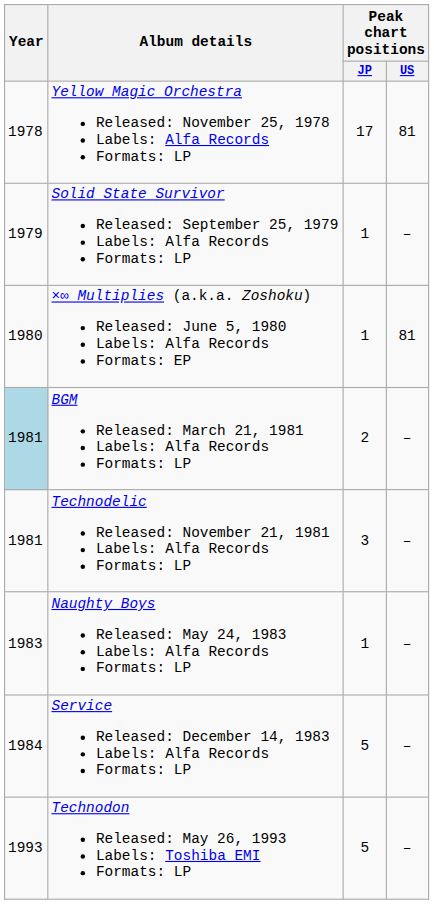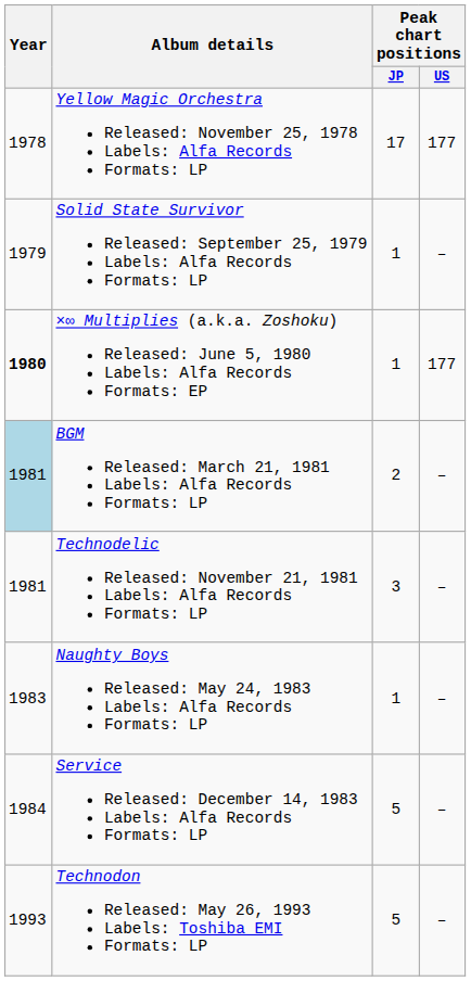 <table class="wikitable">
 <tr>
 <th width="33" rowspan="2">Year</th>
 <th width="260" rowspan="2">Album details</th>
 <th colspan="5">Peak chart positions</th>
 </tr>
 <tr style="font-size:smaller;">
 <th width="30"><a href='#'>JP</a><br></th>
 <th width="30"><a href='#'>US</a><br></th>
 </tr>
 <tr>
 <td>1978</td>
 <td><em><a href='#'>Yellow Magic Orchestra</a></em><br><ul><li>Released: November 25, 1978</li><li>Labels: <a href='#'>Alfa Records</a></li><li>Formats: LP</li></ul></td>
 <td align="center">17</td>
-<td align="center">81</td>
+<td align="center">177</td>
 </tr>
 <tr>
 <td>1979</td>
 <td><em><a href='#'>Solid State Survivor</a></em><br><ul><li>Released: September 25, 1979</li><li>Labels: Alfa Records</li><li>Formats: LP</li></ul></td>
 <td align="center">1</td>
 <td align="center">–</td>
 </tr>
 <tr>
-<td>1980</td>
+<td><strong>1980</strong></td>
 <td><em><a href='#'>×∞ Multiplies</a></em> (a.k.a. <em>Zoshoku</em>)<br><ul><li>Released: June 5, 1980</li><li>Labels: Alfa Records</li><li>Formats: EP</li></ul></td>
 <td align="center">1</td>
-<td align="center">81</td>
+<td align="center">177</td>
 </tr>
 <tr>
 <td style="background: lightblue;">1981</td>
 <td><em><a href='#'>BGM</a></em><br><ul><li>Released: March 21, 1981</li><li>Labels: Alfa Records</li><li>Formats: LP</li></ul></td>
 <td align="center">2</td>
 <td align="center">–</td>
 </tr>
 <tr>
 <td>1981</td>
 <td><em><a href='#'>Technodelic</a></em><br><ul><li>Released: November 21, 1981</li><li>Labels: Alfa Records</li><li>Formats: LP</li></ul></td>
 <td align="center">3</td>
 <td align="center">–</td>
 </tr>
 <tr>
 <td>1983</td>
 <td><em><a href='#'>Naughty Boys</a></em><br><ul><li>Released: May 24, 1983</li><li>Labels: Alfa Records</li><li>Formats: LP</li></ul></td>
 <td align="center">1</td>
 <td align="center">–</td>
 </tr>
 <tr>
 <td>1984</td>
 <td><em><a href='#'>Service</a></em><br><ul><li>Released: December 14, 1983</li><li>Labels: Alfa Records</li><li>Formats: LP</li></ul></td>
 <td align="center">5</td>
 <td align="center">–</td>
 </tr>
 <tr>
 <td>1993</td>
 <td><em><a href='#'>Technodon</a></em><br><ul><li>Released: May 26, 1993</li><li>Labels: <a href='#'>Toshiba EMI</a></li><li>Formats: LP</li></ul></td>
 <td align="center">5</td>
 <td align="center">–</td>
 </tr>
 </table>
